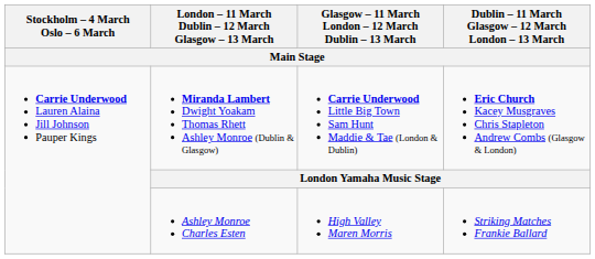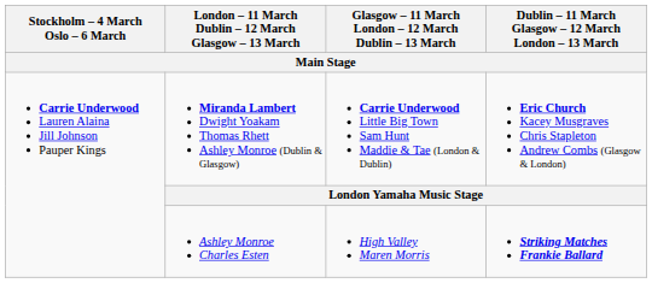 <table class="wikitable">
 <tr>
 <th scope="col" style="width: 200px;">Stockholm – 4 March<br>Oslo – 6 March</th>
 <th scope="col" style="width: 200px;">London – 11 March<br>Dublin – 12 March<br>Glasgow – 13 March</th>
 <th scope="col" style="width: 200px;">Glasgow – 11 March<br>London – 12 March<br>Dublin – 13 March</th>
 <th scope="col" style="width: 200px;">Dublin – 11 March<br>Glasgow – 12 March<br>London – 13 March</th>
 </tr>
 <tr>
 <th colspan="4">Main Stage</th>
 </tr>
 <tr style="vertical-align: top;">
 <td rowspan="3"><br><ul><li><strong><a href='#'>Carrie Underwood</a></strong></li><li><a href='#'>Lauren Alaina</a></li><li><a href='#'>Jill Johnson</a></li><li>Pauper Kings</li></ul></td>
 <td><br><ul><li><strong><a href='#'>Miranda Lambert</a></strong></li><li><a href='#'>Dwight Yoakam</a></li><li><a href='#'>Thomas Rhett</a></li><li><a href='#'>Ashley Monroe</a> <small>(Dublin & Glasgow)</small></li></ul></td>
 <td><br><ul><li><strong><a href='#'>Carrie Underwood</a></strong></li><li><a href='#'>Little Big Town</a></li><li><a href='#'>Sam Hunt</a></li><li><a href='#'>Maddie & Tae</a> <small>(London & Dublin)</small></li></ul></td>
 <td><br><ul><li><strong><a href='#'>Eric Church</a></strong></li><li><a href='#'>Kacey Musgraves</a></li><li><a href='#'>Chris Stapleton</a></li><li><a href='#'>Andrew Combs</a> <small>(Glasgow & London)</small></li></ul></td>
 </tr>
 <tr>
 <th colspan="3">London Yamaha Music Stage</th>
 </tr>
 <tr style="vertical-align: top;">
 <td><br><ul><li><em><a href='#'>Ashley Monroe</a></em></li><li><em><a href='#'>Charles Esten</a></em></li></ul></td>
 <td><br><ul><li><em><a href='#'>High Valley</a></em></li><li><em><a href='#'>Maren Morris</a></em></li></ul></td>
-<td><br><ul><li><em><a href='#'>Striking Matches</a></em></li><li><em><a href='#'>Frankie Ballard</a></em></li></ul></td>
+<td><strong><br><ul><li><em><a href='#'>Striking Matches</a></em></li><li><em><a href='#'>Frankie Ballard</a></em></li></ul></strong></td>
 </tr>
 </table>
